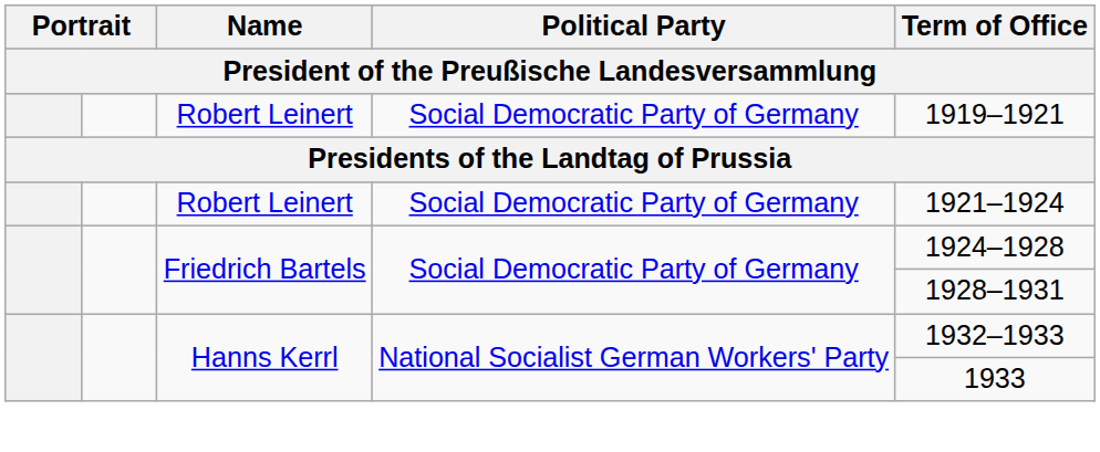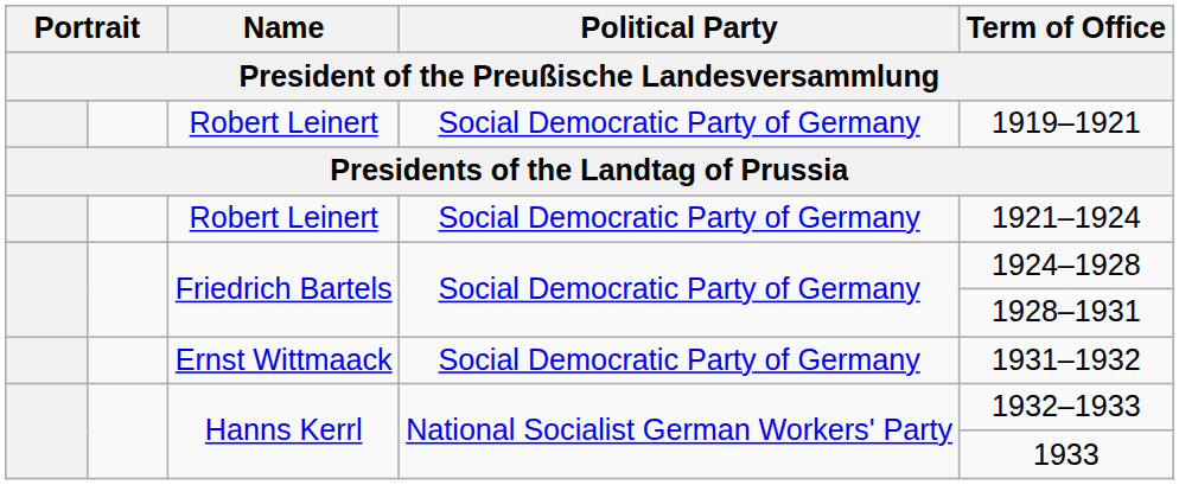 <table class="wikitable" style="text-align:center;">
 <tr>
 <th width=80px colspan=2>Portrait</th>
 <th>Name</th>
 <th>Political Party</th>
 <th>Term of Office</th>
 </tr>
 <tr>
 <th colspan="5">President of the Preußische Landesversammlung</th>
 </tr>
 <tr>
 <th style="background:"></th>
 <td></td>
 <td><a href='#'>Robert Leinert</a></td>
 <td><a href='#'>Social Democratic Party of Germany</a></td>
 <td>1919–1921</td>
 </tr>
 <tr>
 <th colspan="5">Presidents of the Landtag of Prussia</th>
 </tr>
 <tr>
 <th style="background:"></th>
 <td></td>
 <td><a href='#'>Robert Leinert</a></td>
 <td><a href='#'>Social Democratic Party of Germany</a></td>
 <td>1921–1924</td>
 </tr>
 <tr>
 <th rowspan="2" style="background:"></th>
 <td rowspan="2"></td>
 <td rowspan="2"><a href='#'>Friedrich Bartels</a></td>
 <td rowspan="2"><a href='#'>Social Democratic Party of Germany</a></td>
 <td>1924–1928</td>
 </tr>
 <tr>
 <td>1928–1931</td>
 </tr>
 <tr>
+<th style="background:"></th>
+<td></td>
+<td><a href='#'>Ernst Wittmaack</a></td>
+<td><a href='#'>Social Democratic Party of Germany</a></td>
+<td>1931–1932</td>
+</tr>
+<tr>
 <th rowspan="2" style="background:"></th>
 <td rowspan="2"></td>
 <td rowspan="2"><a href='#'>Hanns Kerrl</a></td>
 <td rowspan="2"><a href='#'>National Socialist German Workers' Party</a></td>
 <td>1932–1933</td>
 </tr>
 <tr>
 <td>1933</td>
 </tr>
 </table>
